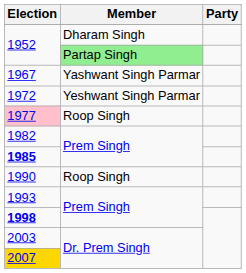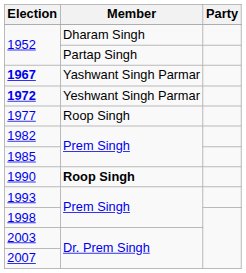 <table class="wikitable sortable">
 <tr>
 <th>Election</th>
 <th>Member</th>
 <th colspan=2>Party</th>
 </tr>
 <tr>
 </tr>
 <tr>
 <td rowspan="2"><a href='#'>1952</a></td>
 <td>Dharam Singh</td>
 <td></td>
 </tr>
 <tr>
-<td style="background: lightgreen;">Partap Singh</td>
+<td>Partap Singh</td>
 <td></td>
 </tr>
 <tr>
-<td><a href='#'>1967</a></td>
+<td><strong><a href='#'>1967</a></strong></td>
 <td>Yashwant Singh Parmar</td>
 <td></td>
 </tr>
 <tr>
-<td><a href='#'>1972</a></td>
+<td><strong><a href='#'>1972</a></strong></td>
 <td>Yeshwant Singh Parmar</td>
 </tr>
 <tr>
-<td style="background: pink;"><a href='#'>1977</a></td>
+<td><a href='#'>1977</a></td>
 <td>Roop Singh</td>
 <td></td>
 </tr>
 <tr>
 <td><a href='#'>1982</a></td>
 <td rowspan=2><a href='#'>Prem Singh</a></td>
 <td></td>
 </tr>
 <tr>
-<td><strong><a href='#'>1985</a></strong></td>
+<td><a href='#'>1985</a></td>
 </tr>
 <tr>
 <td><a href='#'>1990</a></td>
-<td>Roop Singh</td>
+<td><strong>Roop Singh</strong></td>
 <td></td>
 </tr>
 <tr>
 <td><a href='#'>1993</a></td>
 <td rowspan=2><a href='#'>Prem Singh</a></td>
 <td></td>
 </tr>
 <tr>
-<td><strong><a href='#'>1998</a></strong></td>
+<td><a href='#'>1998</a></td>
 </tr>
 <tr>
 <td><a href='#'>2003</a></td>
 <td rowspan=2><a href='#'>Dr. Prem Singh</a></td>
 </tr>
 <tr>
-<td style="background: gold;"><a href='#'>2007</a></td>
+<td><a href='#'>2007</a></td>
 </tr>
 </table>
